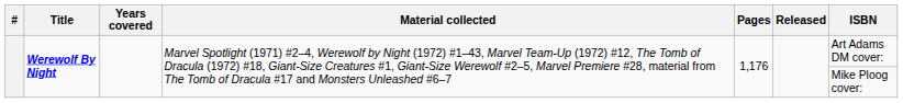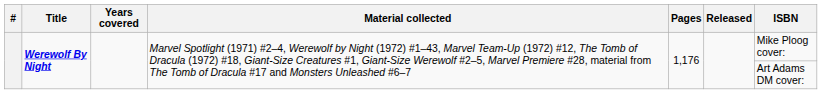 <table class="wikitable sortable" width="99%">
 <tr>
 <th class="unsortable" width="20px">#</th>
 <th>Title</th>
 <th>Years covered</th>
 <th class="unsortable">Material collected</th>
 <th>Pages</th>
 <th>Released</th>
 <th class="unsortable">ISBN</th>
 </tr>
 <tr>
 <th rowspan="2" style="background-color: light grey;"></th>
 <td rowspan="2"><strong><em><a href='#'>Werewolf By Night</a></em></strong></td>
 <td rowspan="2"></td>
 <td rowspan="2"><em>Marvel Spotlight</em> (1971) #2–4, <em>Werewolf by Night</em> (1972) #1–43, <em>Marvel Team-Up</em> (1972) #12, <em>The Tomb of Dracula</em> (1972) #18, <em>Giant-Size Creatures</em> #1, <em>Giant-Size Werewolf</em> #2–5, <em>Marvel Premiere</em> #28, material from <em>The Tomb of Dracula</em> #17 and <em>Monsters Unleashed</em> #6–7</td>
 <td rowspan="2" style="text-align: center;">1,176</td>
 <td rowspan="2"></td>
+<td>Mike Ploog cover: </td>
+</tr>
+<tr>
 <td>Art Adams DM cover: </td>
 </tr>
-<tr>
-<td>Mike Ploog cover: </td>
-</tr>
 </table>
